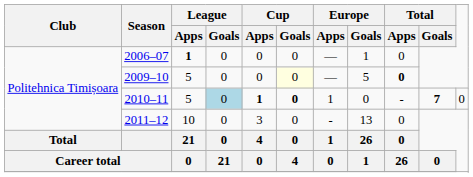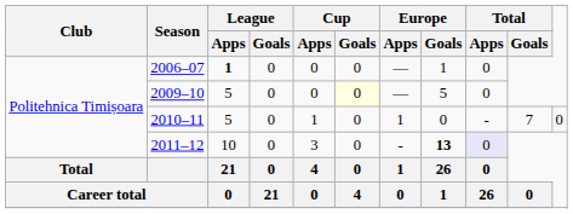 <table class="wikitable" style="font-size:90%; text-align: center">
 <tr>
 <th rowspan=2>Club</th>
 <th rowspan=2>Season</th>
 <th colspan=2>League</th>
 <th colspan=2>Cup</th>
 <th colspan=2>Europe</th>
 <th colspan=2>Total</th>
 </tr>
 <tr>
 <th>Apps</th>
 <th>Goals</th>
 <th>Apps</th>
 <th>Goals</th>
 <th>Apps</th>
 <th>Goals</th>
 <th>Apps</th>
 <th>Goals</th>
 </tr>
 <tr>
 <td rowspan=4><a href='#'>Politehnica Timișoara</a></td>
 <td><a href='#'>2006–07</a></td>
 <td><strong>1</strong></td>
 <td>0</td>
 <td>0</td>
 <td>0</td>
 <td ->—</td>
 <td>1</td>
 <td>0</td>
 </tr>
 <tr>
 <td><a href='#'>2009–10</a></td>
 <td>5</td>
 <td>0</td>
 <td>0</td>
 <td style="background: lightyellow;">0</td>
 <td ->—</td>
 <td>5</td>
-<td><strong>0</strong></td>
+<td>0</td>
 </tr>
 <tr>
 <td><a href='#'>2010–11</a></td>
 <td>5</td>
-<td style="background: lightblue;">0</td>
-<td><strong>1</strong></td>
-<td><strong>0</strong></td>
+<td>0</td>
+<td>1</td>
+<td>0</td>
 <td>1</td>
 <td>0</td>
 <td>-</td>
-<td><strong>7</strong></td>
+<td>7</td>
 <td>0</td>
 </tr>
 <tr>
 <td><a href='#'>2011–12</a></td>
 <td>10</td>
 <td>0</td>
 <td>3</td>
 <td>0</td>
 <td>-</td>
-<td>13</td>
-<td>0</td>
+<td><strong>13</strong></td>
+<td style="background: lavender;">0</td>
 </tr>
 <tr>
 <th colspan=1>Total</th>
 <th></th>
 <th>21</th>
 <th>0</th>
 <th>4</th>
 <th>0</th>
 <th>1</th>
 <th>26</th>
 <th>0</th>
 </tr>
 <tr>
 <th colspan=2>Career total</th>
 <th>0</th>
 <th>21</th>
 <th>0</th>
 <th>4</th>
 <th>0</th>
 <th>1</th>
 <th>26</th>
 <th>0</th>
 </tr>
 <tr>
 </tr>
 </table>
